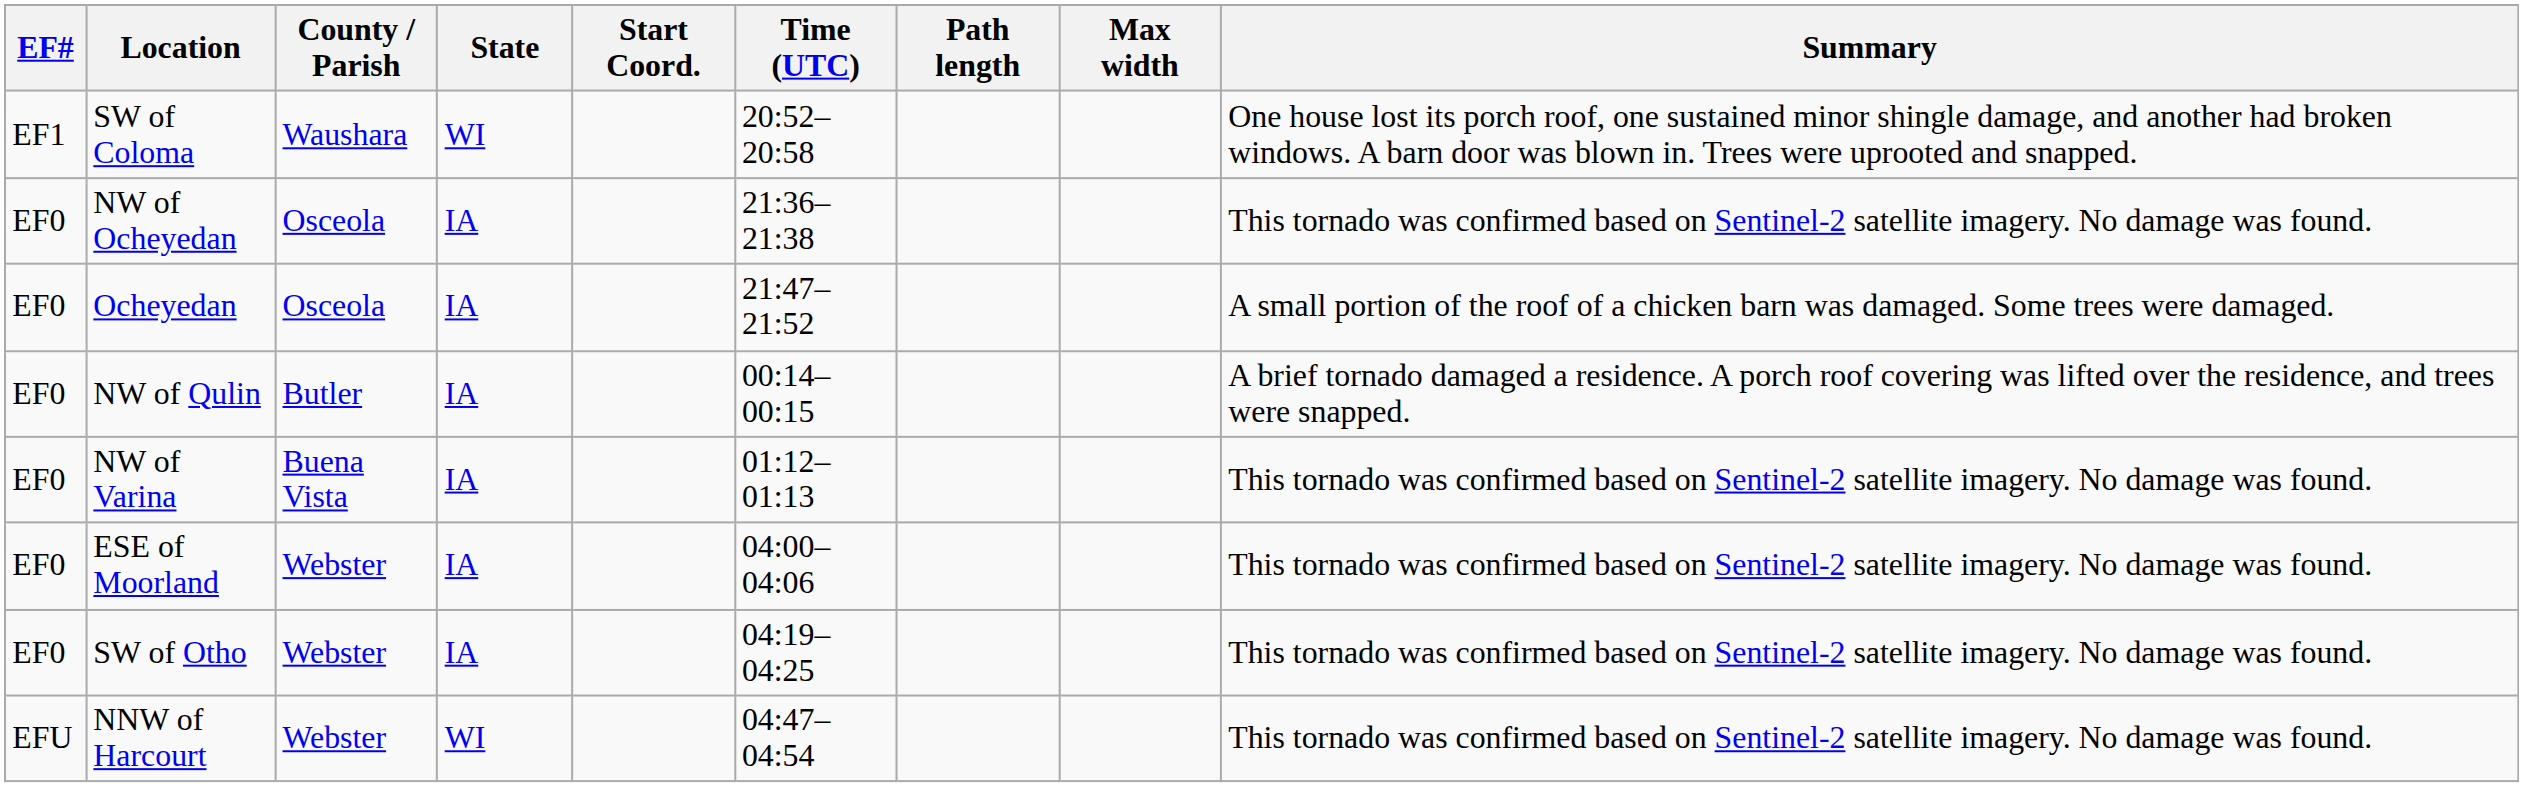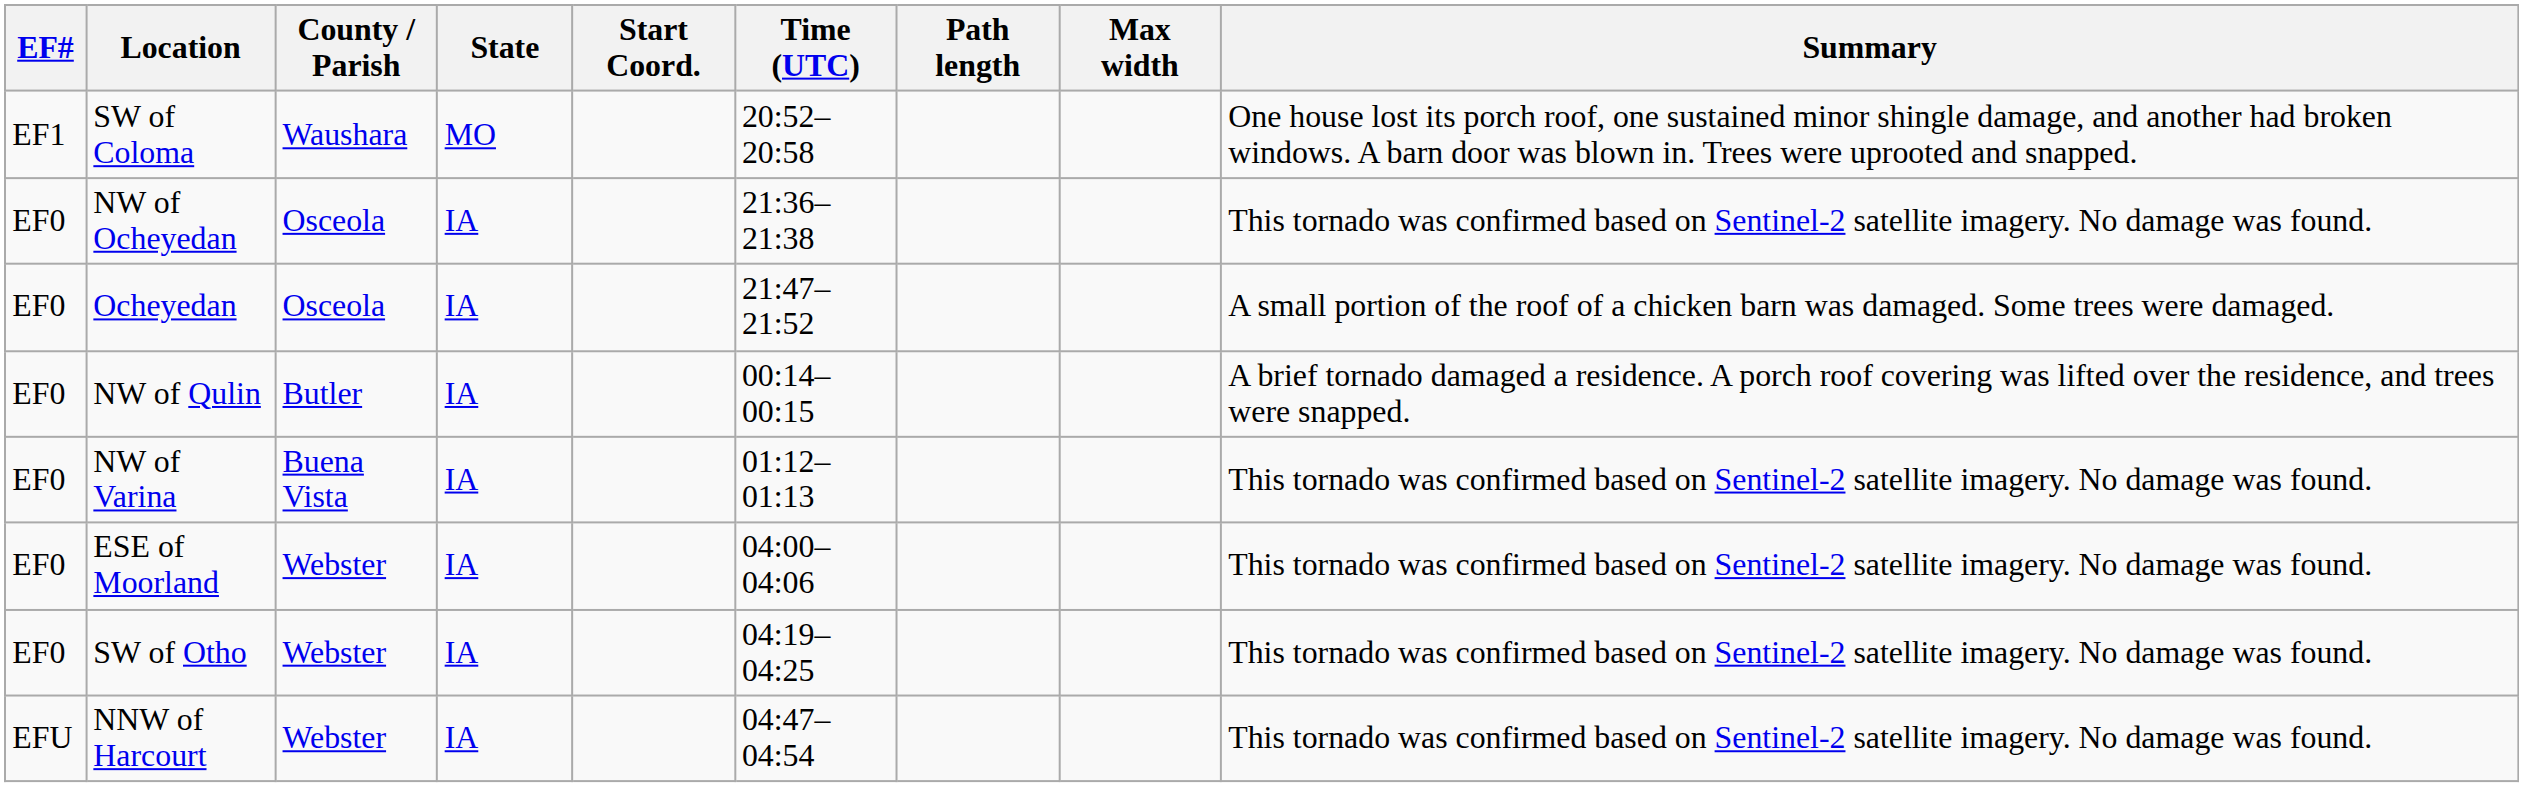 <table class="wikitable sortable" style="width:100%;">
 <tr>
 <th scope="col"  style="width:3%; text-align:center;"><a href='#'>EF#</a></th>
 <th scope="col"  style="width:7%; text-align:center;" class="unsortable">Location</th>
 <th scope="col"  style="width:6%; text-align:center;" class="unsortable">County / Parish</th>
 <th scope="col"  style="width:5%; text-align:center;">State</th>
 <th scope="col"  style="width:6%; text-align:center;">Start Coord.</th>
 <th scope="col"  style="width:6%; text-align:center;">Time (<a href='#'>UTC</a>)</th>
 <th scope="col"  style="width:6%; text-align:center;">Path length</th>
 <th scope="col"  style="width:6%; text-align:center;">Max width</th>
 <th scope="col" class="unsortable" style="width:48%; text-align:center;">Summary</th>
 </tr>
 <tr>
 <td>EF1</td>
 <td>SW of <a href='#'>Coloma</a></td>
 <td><a href='#'>Waushara</a></td>
-<td><a href='#'>WI</a></td>
+<td><a href='#'>MO</a></td>
 <td></td>
 <td>20:52–20:58</td>
 <td></td>
 <td></td>
 <td>One house lost its porch roof, one sustained minor shingle damage, and another had broken windows. A barn door was blown in. Trees were uprooted and snapped.</td>
 </tr>
 <tr>
 <td>EF0</td>
 <td>NW of <a href='#'>Ocheyedan</a></td>
 <td><a href='#'>Osceola</a></td>
 <td><a href='#'>IA</a></td>
 <td></td>
 <td>21:36–21:38</td>
 <td></td>
 <td></td>
 <td>This tornado was confirmed based on <a href='#'>Sentinel-2</a> satellite imagery. No damage was found.</td>
 </tr>
 <tr>
 <td>EF0</td>
 <td><a href='#'>Ocheyedan</a></td>
 <td><a href='#'>Osceola</a></td>
 <td><a href='#'>IA</a></td>
 <td></td>
 <td>21:47–21:52</td>
 <td></td>
 <td></td>
 <td>A small portion of the roof of a chicken barn was damaged. Some trees were damaged.</td>
 </tr>
 <tr>
 <td>EF0</td>
 <td>NW of <a href='#'>Qulin</a></td>
 <td><a href='#'>Butler</a></td>
 <td><a href='#'>IA</a></td>
 <td></td>
 <td>00:14–00:15</td>
 <td></td>
 <td></td>
 <td>A brief tornado damaged a residence. A porch roof covering was lifted over the residence, and trees were snapped.</td>
 </tr>
 <tr>
 <td>EF0</td>
 <td>NW of <a href='#'>Varina</a></td>
 <td><a href='#'>Buena Vista</a></td>
 <td><a href='#'>IA</a></td>
 <td></td>
 <td>01:12–01:13</td>
 <td></td>
 <td></td>
 <td>This tornado was confirmed based on <a href='#'>Sentinel-2</a> satellite imagery. No damage was found.</td>
 </tr>
 <tr>
 <td>EF0</td>
 <td>ESE of <a href='#'>Moorland</a></td>
 <td><a href='#'>Webster</a></td>
 <td><a href='#'>IA</a></td>
 <td></td>
 <td>04:00–04:06</td>
 <td></td>
 <td></td>
 <td>This tornado was confirmed based on <a href='#'>Sentinel-2</a> satellite imagery. No damage was found.</td>
 </tr>
 <tr>
 <td>EF0</td>
 <td>SW of <a href='#'>Otho</a></td>
 <td><a href='#'>Webster</a></td>
 <td><a href='#'>IA</a></td>
 <td></td>
 <td>04:19–04:25</td>
 <td></td>
 <td></td>
 <td>This tornado was confirmed based on <a href='#'>Sentinel-2</a> satellite imagery. No damage was found.</td>
 </tr>
 <tr>
 <td>EFU</td>
 <td>NNW of <a href='#'>Harcourt</a></td>
 <td><a href='#'>Webster</a></td>
-<td><a href='#'>WI</a></td>
+<td><a href='#'>IA</a></td>
 <td></td>
 <td>04:47–04:54</td>
 <td></td>
 <td></td>
 <td>This tornado was confirmed based on <a href='#'>Sentinel-2</a> satellite imagery. No damage was found.</td>
 </tr>
 </table>
